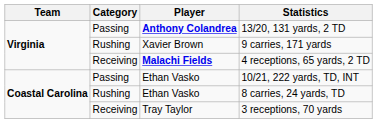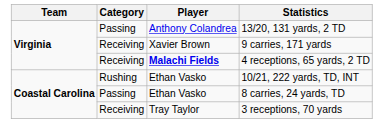 <table class="wikitable" style="float: right;">
 <tr>
 <th>Team</th>
 <th>Category</th>
 <th>Player</th>
 <th>Statistics</th>
 </tr>
 <tr>
 <td rowspan=3><strong>Virginia</strong></td>
 <td>Passing</td>
-<td><strong><a href='#'>Anthony Colandrea</a></strong></td>
+<td><a href='#'>Anthony Colandrea</a></td>
 <td>13/20, 131 yards, 2 TD</td>
 </tr>
 <tr>
-<td>Rushing</td>
+<td>Receiving</td>
 <td>Xavier Brown</td>
 <td>9 carries, 171 yards</td>
 </tr>
 <tr>
 <td>Receiving</td>
 <td><strong><a href='#'>Malachi Fields</a></strong></td>
 <td>4 receptions, 65 yards, 2 TD</td>
 </tr>
 <tr>
 <td rowspan=3><strong>Coastal Carolina</strong></td>
-<td>Passing</td>
+<td>Rushing</td>
 <td>Ethan Vasko</td>
 <td>10/21, 222 yards, TD, INT</td>
 </tr>
 <tr>
-<td>Rushing</td>
+<td>Passing</td>
 <td>Ethan Vasko</td>
 <td>8 carries, 24 yards, TD</td>
 </tr>
 <tr>
 <td>Receiving</td>
 <td>Tray Taylor</td>
 <td>3 receptions, 70 yards</td>
 </tr>
 </table>
